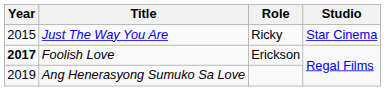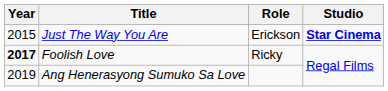 <table class="wikitable sortable">
 <tr>
 <th>Year</th>
 <th>Title</th>
 <th>Role</th>
 <th>Studio</th>
 </tr>
 <tr>
 <td>2015</td>
 <td><em><a href='#'>Just The Way You Are</a></em></td>
-<td>Ricky</td>
-<td><a href='#'>Star Cinema</a></td>
+<td>Erickson</td>
+<td><strong><a href='#'>Star Cinema</a></strong></td>
 </tr>
 <tr>
 <td><strong>2017</strong></td>
 <td><em>Foolish Love</em></td>
-<td>Erickson</td>
+<td>Ricky</td>
 <td rowspan="2"><a href='#'>Regal Films</a></td>
 </tr>
 <tr>
 <td>2019</td>
 <td><em>Ang Henerasyong Sumuko Sa Love</em></td>
 <td></td>
 </tr>
 </table>
